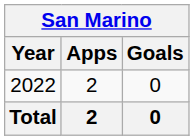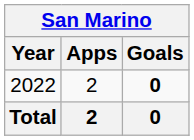 <table class="wikitable" style="text-align:center">
 <tr>
 <th colspan=3><a href='#'>San Marino</a></th>
 </tr>
 <tr>
 <th>Year</th>
 <th>Apps</th>
 <th>Goals</th>
 </tr>
 <tr>
 <td>2022</td>
 <td>2</td>
-<td>0</td>
+<td><strong>0</strong></td>
 </tr>
 <tr>
 <th>Total</th>
 <th>2</th>
 <th>0</th>
 </tr>
 </table>
